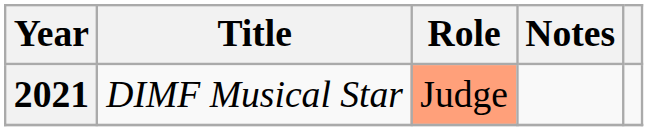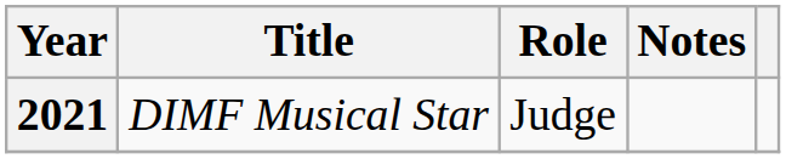 <table class="wikitable sortable plainrowheaders">
 <tr>
 <th scope="col">Year</th>
 <th scope="col">Title</th>
 <th scope="col">Role</th>
 <th scope="col">Notes</th>
 <th scope="col" class="unsortable"></th>
 </tr>
 <tr>
 <th scope="row">2021</th>
 <td><em>DIMF Musical Star</em></td>
-<td style="background: lightsalmon;">Judge</td>
+<td>Judge</td>
 <td></td>
 <td></td>
 </tr>
 <tr>
 </tr>
 </table>
